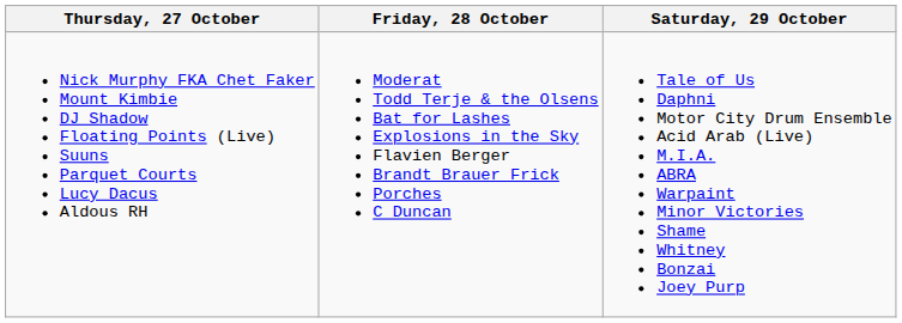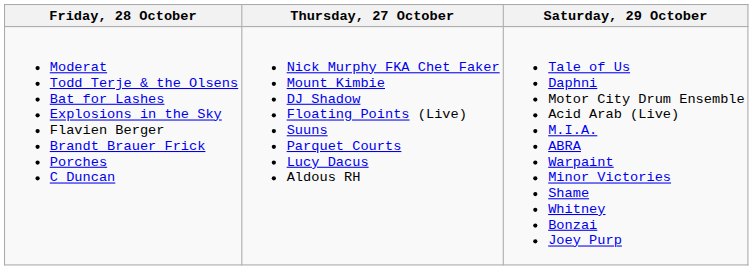 <table class="wikitable">
 <tr>
+<th>Friday, 28 October</th>
 <th>Thursday, 27 October</th>
-<th>Friday, 28 October</th>
 <th>Saturday, 29 October</th>
 </tr>
 <tr valign="top">
+<td><br><ul><li><a href='#'>Moderat</a></li><li><a href='#'>Todd Terje & the Olsens</a></li><li><a href='#'>Bat for Lashes</a></li><li><a href='#'>Explosions in the Sky</a></li><li>Flavien Berger</li><li><a href='#'>Brandt Brauer Frick</a></li><li><a href='#'>Porches</a></li><li><a href='#'>C Duncan</a></li></ul></td>
 <td><br><ul><li><a href='#'>Nick Murphy FKA Chet Faker</a></li><li><a href='#'>Mount Kimbie</a></li><li><a href='#'>DJ Shadow</a></li><li><a href='#'>Floating Points</a> (Live)</li><li><a href='#'>Suuns</a></li><li><a href='#'>Parquet Courts</a></li><li><a href='#'>Lucy Dacus</a></li><li>Aldous RH</li></ul></td>
-<td><br><ul><li><a href='#'>Moderat</a></li><li><a href='#'>Todd Terje & the Olsens</a></li><li><a href='#'>Bat for Lashes</a></li><li><a href='#'>Explosions in the Sky</a></li><li>Flavien Berger</li><li><a href='#'>Brandt Brauer Frick</a></li><li><a href='#'>Porches</a></li><li><a href='#'>C Duncan</a></li></ul></td>
 <td><br><ul><li><a href='#'>Tale of Us</a></li><li><a href='#'>Daphni</a></li><li>Motor City Drum Ensemble</li><li>Acid Arab (Live)</li><li><a href='#'>M.I.A.</a></li><li><a href='#'>ABRA</a></li><li><a href='#'>Warpaint</a></li><li><a href='#'>Minor Victories</a></li><li><a href='#'>Shame</a></li><li><a href='#'>Whitney</a></li><li><a href='#'>Bonzai</a></li><li><a href='#'>Joey Purp</a></li></ul></td>
 </tr>
 </table>
